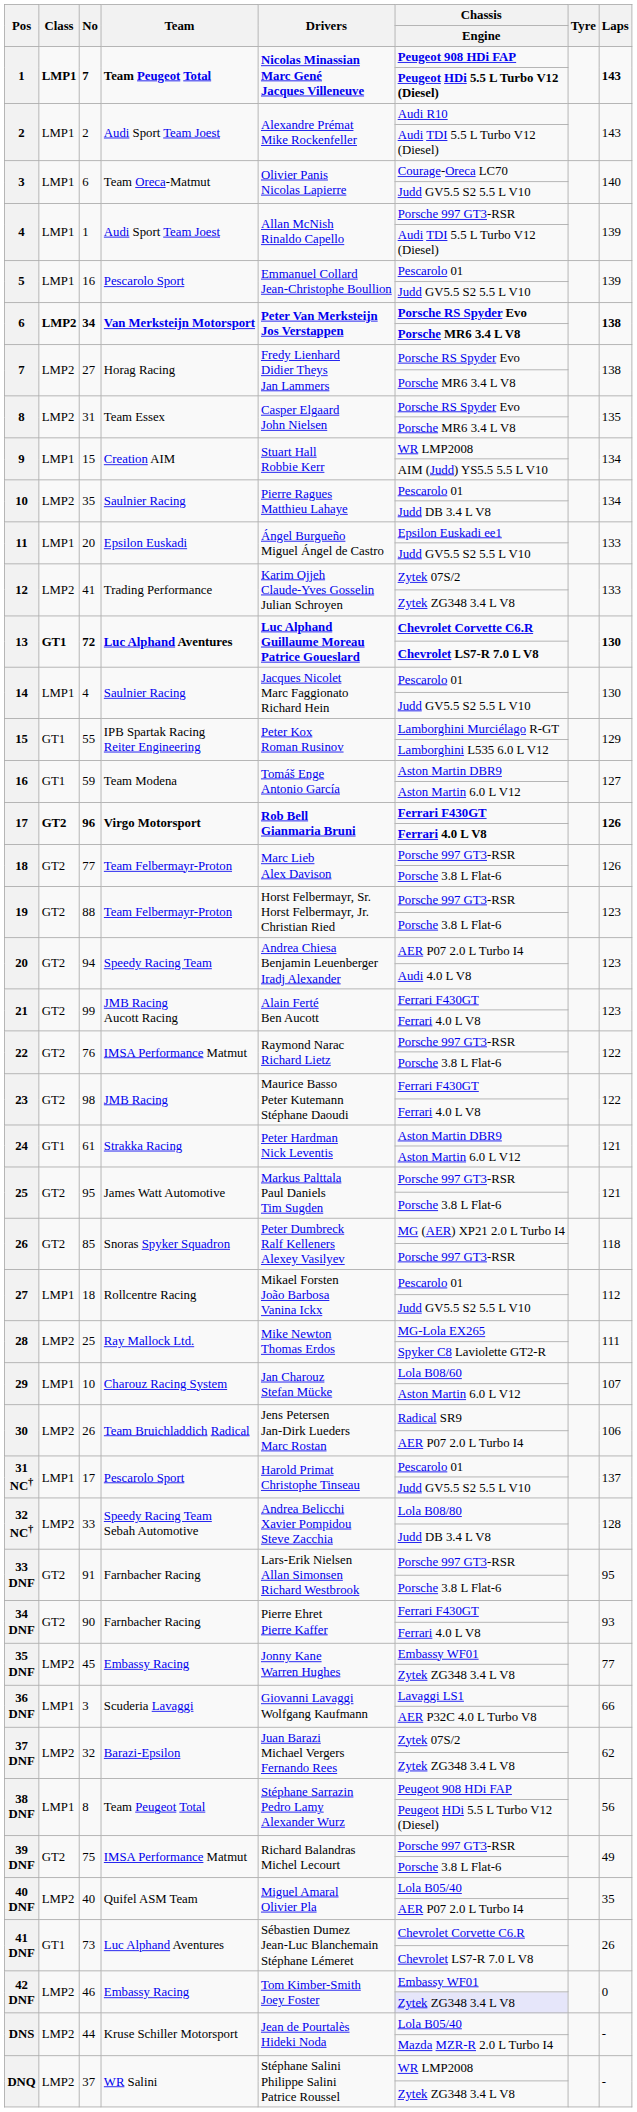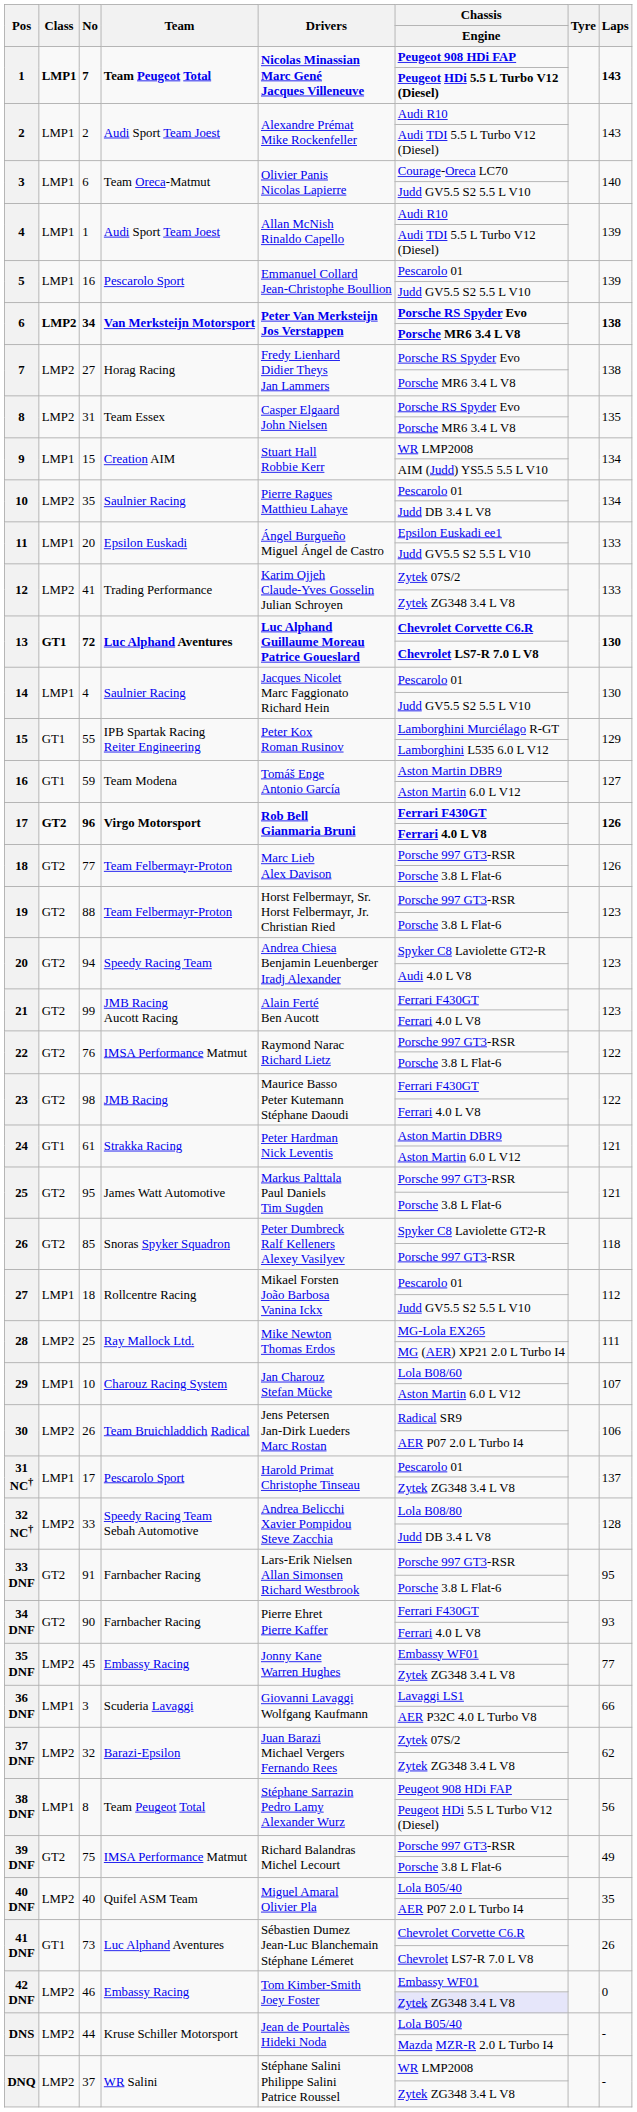 <table class="wikitable" style="font-size: 95%;">
 <tr>
 <th rowspan=2>Pos</th>
 <th rowspan=2>Class</th>
 <th rowspan=2>No</th>
 <th rowspan=2>Team</th>
 <th rowspan=2>Drivers</th>
 <th>Chassis</th>
 <th rowspan=2>Tyre</th>
 <th rowspan=2>Laps</th>
 </tr>
 <tr>
 <th>Engine</th>
 </tr>
 <tr style="font-weight:bold">
 <th rowspan=2>1</th>
 <td rowspan=2>LMP1</td>
 <td rowspan=2>7</td>
 <td rowspan=2> Team <a href='#'>Peugeot</a> <a href='#'>Total</a></td>
 <td rowspan=2> <a href='#'>Nicolas Minassian</a><br> <a href='#'>Marc Gené</a><br> <a href='#'>Jacques Villeneuve</a></td>
 <td><a href='#'>Peugeot 908 HDi FAP</a></td>
 <td rowspan=2></td>
 <td rowspan=2>143</td>
 </tr>
 <tr style="font-weight:bold">
 <td><a href='#'>Peugeot</a> <a href='#'>HDi</a>  5.5 L Turbo V12<br>(Diesel)</td>
 </tr>
 <tr>
 <th rowspan=2>2</th>
 <td rowspan=2>LMP1</td>
 <td rowspan=2>2</td>
 <td rowspan=2> <a href='#'>Audi</a> Sport <a href='#'>Team Joest</a></td>
 <td rowspan=2> <a href='#'>Alexandre Prémat</a><br> <a href='#'>Mike Rockenfeller</a></td>
 <td><a href='#'>Audi R10</a></td>
 <td rowspan=2></td>
 <td rowspan=2>143</td>
 </tr>
 <tr>
 <td><a href='#'>Audi</a> <a href='#'>TDI</a> 5.5 L Turbo V12<br>(Diesel)</td>
 </tr>
 <tr>
 <th rowspan=2>3</th>
 <td rowspan=2>LMP1</td>
 <td rowspan=2>6</td>
 <td rowspan=2> Team <a href='#'>Oreca</a>-Matmut</td>
 <td rowspan=2> <a href='#'>Olivier Panis</a><br> <a href='#'>Nicolas Lapierre</a></td>
 <td><a href='#'>Courage</a>-<a href='#'>Oreca</a> LC70</td>
 <td rowspan=2></td>
 <td rowspan=2>140</td>
 </tr>
 <tr>
 <td><a href='#'>Judd</a> GV5.5 S2 5.5 L V10</td>
 </tr>
 <tr>
 <th rowspan=2>4</th>
 <td rowspan=2>LMP1</td>
 <td rowspan=2>1</td>
 <td rowspan=2> <a href='#'>Audi</a> Sport <a href='#'>Team Joest</a></td>
 <td rowspan=2> <a href='#'>Allan McNish</a><br> <a href='#'>Rinaldo Capello</a></td>
-<td><a href='#'>Porsche 997 GT3</a>-RSR</td>
+<td><a href='#'>Audi R10</a></td>
 <td rowspan=2></td>
 <td rowspan=2>139</td>
 </tr>
 <tr>
 <td><a href='#'>Audi</a> <a href='#'>TDI</a> 5.5 L Turbo V12<br>(Diesel)</td>
 </tr>
 <tr>
 <th rowspan=2>5</th>
 <td rowspan=2>LMP1</td>
 <td rowspan=2>16</td>
 <td rowspan=2> <a href='#'>Pescarolo Sport</a></td>
 <td rowspan=2> <a href='#'>Emmanuel Collard</a><br> <a href='#'>Jean-Christophe Boullion</a></td>
 <td><a href='#'>Pescarolo</a> 01</td>
 <td rowspan=2></td>
 <td rowspan=2>139</td>
 </tr>
 <tr>
 <td><a href='#'>Judd</a> GV5.5 S2 5.5 L V10</td>
 </tr>
 <tr style="font-weight:bold">
 <th rowspan=2>6</th>
 <td rowspan=2>LMP2</td>
 <td rowspan=2>34</td>
 <td rowspan=2> <a href='#'>Van Merksteijn Motorsport</a></td>
 <td rowspan=2> <a href='#'>Peter Van Merksteijn</a><br> <a href='#'>Jos Verstappen</a></td>
 <td><a href='#'>Porsche RS Spyder</a> Evo</td>
 <td rowspan=2></td>
 <td rowspan=2>138</td>
 </tr>
 <tr style="font-weight:bold">
 <td><a href='#'>Porsche</a> MR6 3.4 L V8</td>
 </tr>
 <tr>
 <th rowspan=2>7</th>
 <td rowspan=2>LMP2</td>
 <td rowspan=2>27</td>
 <td rowspan=2> Horag Racing</td>
 <td rowspan=2> <a href='#'>Fredy Lienhard</a><br> <a href='#'>Didier Theys</a><br> <a href='#'>Jan Lammers</a></td>
 <td><a href='#'>Porsche RS Spyder</a> Evo</td>
 <td rowspan=2></td>
 <td rowspan=2>138</td>
 </tr>
 <tr>
 <td><a href='#'>Porsche</a> MR6 3.4 L V8</td>
 </tr>
 <tr>
 <th rowspan=2>8</th>
 <td rowspan=2>LMP2</td>
 <td rowspan=2>31</td>
 <td rowspan=2> Team Essex</td>
 <td rowspan=2> <a href='#'>Casper Elgaard</a><br> <a href='#'>John Nielsen</a></td>
 <td><a href='#'>Porsche RS Spyder</a> Evo</td>
 <td rowspan=2></td>
 <td rowspan=2>135</td>
 </tr>
 <tr>
 <td><a href='#'>Porsche</a> MR6 3.4 L V8</td>
 </tr>
 <tr>
 <th rowspan=2>9</th>
 <td rowspan=2>LMP1</td>
 <td rowspan=2>15</td>
 <td rowspan=2> <a href='#'>Creation</a> AIM</td>
 <td rowspan=2> <a href='#'>Stuart Hall</a><br> <a href='#'>Robbie Kerr</a></td>
 <td><a href='#'>WR</a> LMP2008</td>
 <td rowspan=2></td>
 <td rowspan=2>134</td>
 </tr>
 <tr>
 <td>AIM (<a href='#'>Judd</a>) YS5.5 5.5 L V10</td>
 </tr>
 <tr>
 <th rowspan=2>10</th>
 <td rowspan=2>LMP2</td>
 <td rowspan=2>35</td>
 <td rowspan=2> <a href='#'>Saulnier Racing</a></td>
 <td rowspan=2> <a href='#'>Pierre Ragues</a><br> <a href='#'>Matthieu Lahaye</a></td>
 <td><a href='#'>Pescarolo</a> 01</td>
 <td rowspan=2></td>
 <td rowspan=2>134</td>
 </tr>
 <tr>
 <td><a href='#'>Judd</a> DB 3.4 L V8</td>
 </tr>
 <tr>
 <th rowspan=2>11</th>
 <td rowspan=2>LMP1</td>
 <td rowspan=2>20</td>
 <td rowspan=2> <a href='#'>Epsilon Euskadi</a></td>
 <td rowspan=2> <a href='#'>Ángel Burgueño</a><br> Miguel Ángel de Castro</td>
 <td><a href='#'>Epsilon Euskadi ee1</a></td>
 <td rowspan=2></td>
 <td rowspan=2>133</td>
 </tr>
 <tr>
 <td><a href='#'>Judd</a> GV5.5 S2 5.5 L V10</td>
 </tr>
 <tr>
 <th rowspan=2>12</th>
 <td rowspan=2>LMP2</td>
 <td rowspan=2>41</td>
 <td rowspan=2> Trading Performance</td>
 <td rowspan=2> <a href='#'>Karim Ojjeh</a><br> <a href='#'>Claude-Yves Gosselin</a><br> Julian Schroyen</td>
 <td><a href='#'>Zytek</a> 07S/2</td>
 <td rowspan=2></td>
 <td rowspan=2>133</td>
 </tr>
 <tr>
 <td><a href='#'>Zytek</a> ZG348 3.4 L V8</td>
 </tr>
 <tr style="font-weight:bold">
 <th rowspan=2>13</th>
 <td rowspan=2>GT1</td>
 <td rowspan=2>72</td>
 <td rowspan=2> <a href='#'>Luc Alphand</a> Aventures</td>
 <td rowspan=2> <a href='#'>Luc Alphand</a><br> <a href='#'>Guillaume Moreau</a><br> <a href='#'>Patrice Goueslard</a></td>
 <td><a href='#'>Chevrolet Corvette C6.R</a></td>
 <td rowspan=2></td>
 <td rowspan=2>130</td>
 </tr>
 <tr style="font-weight:bold">
 <td><a href='#'>Chevrolet</a> LS7-R 7.0 L V8</td>
 </tr>
 <tr>
 <th rowspan=2>14</th>
 <td rowspan=2>LMP1</td>
 <td rowspan=2>4</td>
 <td rowspan=2> <a href='#'>Saulnier Racing</a></td>
 <td rowspan=2> <a href='#'>Jacques Nicolet</a><br> Marc Faggionato<br> Richard Hein</td>
 <td><a href='#'>Pescarolo</a> 01</td>
 <td rowspan=2></td>
 <td rowspan=2>130</td>
 </tr>
 <tr>
 <td><a href='#'>Judd</a> GV5.5 S2 5.5 L V10</td>
 </tr>
 <tr>
 <th rowspan=2>15</th>
 <td rowspan=2>GT1</td>
 <td rowspan=2>55</td>
 <td rowspan=2> IPB Spartak Racing<br> <a href='#'>Reiter Engineering</a></td>
 <td rowspan=2> <a href='#'>Peter Kox</a><br> <a href='#'>Roman Rusinov</a></td>
 <td><a href='#'>Lamborghini Murciélago</a> R-GT</td>
 <td rowspan=2></td>
 <td rowspan=2>129</td>
 </tr>
 <tr>
 <td><a href='#'>Lamborghini</a> L535 6.0 L V12</td>
 </tr>
 <tr>
 <th rowspan=2>16</th>
 <td rowspan=2>GT1</td>
 <td rowspan=2>59</td>
 <td rowspan=2> Team Modena</td>
 <td rowspan=2> <a href='#'>Tomáš Enge</a><br> <a href='#'>Antonio García</a></td>
 <td><a href='#'>Aston Martin DBR9</a></td>
 <td rowspan=2></td>
 <td rowspan=2>127</td>
 </tr>
 <tr>
 <td><a href='#'>Aston Martin</a> 6.0 L V12</td>
 </tr>
 <tr style="font-weight:bold">
 <th rowspan=2>17</th>
 <td rowspan=2>GT2</td>
 <td rowspan=2>96</td>
 <td rowspan=2> Virgo Motorsport</td>
 <td rowspan=2> <a href='#'>Rob Bell</a><br> <a href='#'>Gianmaria Bruni</a></td>
 <td><a href='#'>Ferrari F430GT</a></td>
 <td rowspan=2></td>
 <td rowspan=2>126</td>
 </tr>
 <tr style="font-weight:bold">
 <td><a href='#'>Ferrari</a> 4.0 L V8</td>
 </tr>
 <tr>
 <th rowspan=2>18</th>
 <td rowspan=2>GT2</td>
 <td rowspan=2>77</td>
 <td rowspan=2> <a href='#'>Team Felbermayr-Proton</a></td>
 <td rowspan=2> <a href='#'>Marc Lieb</a><br> <a href='#'>Alex Davison</a></td>
 <td><a href='#'>Porsche 997 GT3</a>-RSR</td>
 <td rowspan=2></td>
 <td rowspan=2>126</td>
 </tr>
 <tr>
 <td><a href='#'>Porsche</a> 3.8 L Flat-6</td>
 </tr>
 <tr>
 <th rowspan=2>19</th>
 <td rowspan=2>GT2</td>
 <td rowspan=2>88</td>
 <td rowspan=2> <a href='#'>Team Felbermayr-Proton</a></td>
 <td rowspan=2> Horst Felbermayr, Sr.<br> Horst Felbermayr, Jr.<br> Christian Ried</td>
 <td><a href='#'>Porsche 997 GT3</a>-RSR</td>
 <td rowspan=2></td>
 <td rowspan=2>123</td>
 </tr>
 <tr>
 <td><a href='#'>Porsche</a> 3.8 L Flat-6</td>
 </tr>
 <tr>
 <th rowspan=2>20</th>
 <td rowspan=2>GT2</td>
 <td rowspan=2>94</td>
 <td rowspan=2> <a href='#'>Speedy Racing Team</a></td>
 <td rowspan=2> <a href='#'>Andrea Chiesa</a><br> Benjamin Leuenberger<br> <a href='#'>Iradj Alexander</a></td>
-<td><a href='#'>AER</a> P07 2.0 L Turbo I4</td>
+<td><a href='#'>Spyker C8</a> Laviolette GT2-R</td>
 <td rowspan=2></td>
 <td rowspan=2>123</td>
 </tr>
 <tr>
 <td><a href='#'>Audi</a> 4.0 L V8</td>
 </tr>
 <tr>
 <th rowspan=2>21</th>
 <td rowspan=2>GT2</td>
 <td rowspan=2>99</td>
 <td rowspan=2> <a href='#'>JMB Racing</a><br> Aucott Racing</td>
 <td rowspan=2> <a href='#'>Alain Ferté</a><br> Ben Aucott</td>
 <td><a href='#'>Ferrari F430GT</a></td>
 <td rowspan=2></td>
 <td rowspan=2>123</td>
 </tr>
 <tr>
 <td><a href='#'>Ferrari</a> 4.0 L V8</td>
 </tr>
 <tr>
 <th rowspan=2>22</th>
 <td rowspan=2>GT2</td>
 <td rowspan=2>76</td>
 <td rowspan=2> <a href='#'>IMSA Performance</a> Matmut</td>
 <td rowspan=2> Raymond Narac<br> <a href='#'>Richard Lietz</a></td>
 <td><a href='#'>Porsche 997 GT3</a>-RSR</td>
 <td rowspan=2></td>
 <td rowspan=2>122</td>
 </tr>
 <tr>
 <td><a href='#'>Porsche</a> 3.8 L Flat-6</td>
 </tr>
 <tr>
 <th rowspan=2>23</th>
 <td rowspan=2>GT2</td>
 <td rowspan=2>98</td>
 <td rowspan=2> <a href='#'>JMB Racing</a></td>
 <td rowspan=2> Maurice Basso<br> Peter Kutemann<br> Stéphane Daoudi</td>
 <td><a href='#'>Ferrari F430GT</a></td>
 <td rowspan=2></td>
 <td rowspan=2>122</td>
 </tr>
 <tr>
 <td><a href='#'>Ferrari</a> 4.0 L V8</td>
 </tr>
 <tr>
 <th rowspan=2>24</th>
 <td rowspan=2>GT1</td>
 <td rowspan=2>61</td>
 <td rowspan=2> <a href='#'>Strakka Racing</a></td>
 <td rowspan=2> <a href='#'>Peter Hardman</a><br> <a href='#'>Nick Leventis</a></td>
 <td><a href='#'>Aston Martin DBR9</a></td>
 <td rowspan=2></td>
 <td rowspan=2>121</td>
 </tr>
 <tr>
 <td><a href='#'>Aston Martin</a> 6.0 L V12</td>
 </tr>
 <tr>
 <th rowspan=2>25</th>
 <td rowspan=2>GT2</td>
 <td rowspan=2>95</td>
 <td rowspan=2> James Watt Automotive</td>
 <td rowspan=2> <a href='#'>Markus Palttala</a><br> Paul Daniels<br> <a href='#'>Tim Sugden</a></td>
 <td><a href='#'>Porsche 997 GT3</a>-RSR</td>
 <td rowspan=2></td>
 <td rowspan=2>121</td>
 </tr>
 <tr>
 <td><a href='#'>Porsche</a> 3.8 L Flat-6</td>
 </tr>
 <tr>
 <th rowspan=2>26</th>
 <td rowspan=2>GT2</td>
 <td rowspan=2>85</td>
 <td rowspan=2> Snoras <a href='#'>Spyker Squadron</a></td>
 <td rowspan=2> <a href='#'>Peter Dumbreck</a><br> <a href='#'>Ralf Kelleners</a><br> <a href='#'>Alexey Vasilyev</a></td>
-<td><a href='#'>MG</a> (<a href='#'>AER</a>) XP21 2.0 L Turbo I4</td>
+<td><a href='#'>Spyker C8</a> Laviolette GT2-R</td>
 <td rowspan=2></td>
 <td rowspan=2>118</td>
 </tr>
 <tr>
 <td><a href='#'>Porsche 997 GT3</a>-RSR</td>
 </tr>
 <tr>
 <th rowspan=2>27</th>
 <td rowspan=2>LMP1</td>
 <td rowspan=2>18</td>
 <td rowspan=2> Rollcentre Racing</td>
 <td rowspan=2> Mikael Forsten<br> <a href='#'>João Barbosa</a><br> <a href='#'>Vanina Ickx</a></td>
 <td><a href='#'>Pescarolo</a> 01</td>
 <td rowspan=2></td>
 <td rowspan=2>112</td>
 </tr>
 <tr>
 <td><a href='#'>Judd</a> GV5.5 S2 5.5 L V10</td>
 </tr>
 <tr>
 <th rowspan=2>28</th>
 <td rowspan=2>LMP2</td>
 <td rowspan=2>25</td>
 <td rowspan=2> <a href='#'>Ray Mallock Ltd.</a></td>
 <td rowspan=2> <a href='#'>Mike Newton</a><br> <a href='#'>Thomas Erdos</a></td>
 <td><a href='#'>MG-Lola EX265</a></td>
 <td rowspan=2></td>
 <td rowspan=2>111</td>
 </tr>
 <tr>
-<td><a href='#'>Spyker C8</a> Laviolette GT2-R</td>
+<td><a href='#'>MG</a> (<a href='#'>AER</a>) XP21 2.0 L Turbo I4</td>
 </tr>
 <tr>
 <th rowspan=2>29</th>
 <td rowspan=2>LMP1</td>
 <td rowspan=2>10</td>
 <td rowspan=2> <a href='#'>Charouz Racing System</a></td>
 <td rowspan=2> <a href='#'>Jan Charouz</a><br> <a href='#'>Stefan Mücke</a></td>
 <td><a href='#'>Lola B08/60</a></td>
 <td rowspan=2></td>
 <td rowspan=2>107</td>
 </tr>
 <tr>
 <td><a href='#'>Aston Martin</a> 6.0 L V12</td>
 </tr>
 <tr>
 <th rowspan=2>30</th>
 <td rowspan=2>LMP2</td>
 <td rowspan=2>26</td>
 <td rowspan=2> <a href='#'>Team Bruichladdich</a> <a href='#'>Radical</a></td>
 <td rowspan=2> Jens Petersen<br> Jan-Dirk Lueders<br> <a href='#'>Marc Rostan</a></td>
 <td><a href='#'>Radical</a> SR9</td>
 <td rowspan=2></td>
 <td rowspan=2>106</td>
 </tr>
 <tr>
 <td><a href='#'>AER</a> P07 2.0 L Turbo I4</td>
 </tr>
 <tr>
 <th rowspan=2>31<br>NC<sup>†</sup></th>
 <td rowspan=2>LMP1</td>
 <td rowspan=2>17</td>
 <td rowspan=2> <a href='#'>Pescarolo Sport</a></td>
 <td rowspan=2> <a href='#'>Harold Primat</a><br> <a href='#'>Christophe Tinseau</a></td>
 <td><a href='#'>Pescarolo</a> 01</td>
 <td rowspan=2></td>
 <td rowspan=2>137</td>
 </tr>
 <tr>
-<td><a href='#'>Judd</a> GV5.5 S2 5.5 L V10</td>
+<td><a href='#'>Zytek</a> ZG348 3.4 L V8</td>
 </tr>
 <tr>
 <th rowspan=2>32<br>NC<sup>†</sup></th>
 <td rowspan=2>LMP2</td>
 <td rowspan=2>33</td>
 <td rowspan=2> <a href='#'>Speedy Racing Team</a><br> Sebah Automotive</td>
 <td rowspan=2> <a href='#'>Andrea Belicchi</a><br> <a href='#'>Xavier Pompidou</a><br> <a href='#'>Steve Zacchia</a></td>
 <td><a href='#'>Lola B08/80</a></td>
 <td rowspan=2></td>
 <td rowspan=2>128</td>
 </tr>
 <tr>
 <td><a href='#'>Judd</a> DB 3.4 L V8</td>
 </tr>
 <tr>
 <th rowspan=2>33<br>DNF</th>
 <td rowspan=2>GT2</td>
 <td rowspan=2>91</td>
 <td rowspan=2> Farnbacher Racing</td>
 <td rowspan=2> Lars-Erik Nielsen<br> <a href='#'>Allan Simonsen</a><br> <a href='#'>Richard Westbrook</a></td>
 <td><a href='#'>Porsche 997 GT3</a>-RSR</td>
 <td rowspan=2></td>
 <td rowspan=2>95</td>
 </tr>
 <tr>
 <td><a href='#'>Porsche</a> 3.8 L Flat-6</td>
 </tr>
 <tr>
 <th rowspan=2>34<br>DNF</th>
 <td rowspan=2>GT2</td>
 <td rowspan=2>90</td>
 <td rowspan=2> Farnbacher Racing</td>
 <td rowspan=2> Pierre Ehret<br> <a href='#'>Pierre Kaffer</a></td>
 <td><a href='#'>Ferrari F430GT</a></td>
 <td rowspan=2></td>
 <td rowspan=2>93</td>
 </tr>
 <tr>
 <td><a href='#'>Ferrari</a> 4.0 L V8</td>
 </tr>
 <tr>
 <th rowspan=2>35<br>DNF</th>
 <td rowspan=2>LMP2</td>
 <td rowspan=2>45</td>
 <td rowspan=2> <a href='#'>Embassy Racing</a></td>
 <td rowspan=2> <a href='#'>Jonny Kane</a><br> <a href='#'>Warren Hughes</a></td>
 <td><a href='#'>Embassy WF01</a></td>
 <td rowspan=2></td>
 <td rowspan=2>77</td>
 </tr>
 <tr>
 <td><a href='#'>Zytek</a> ZG348 3.4 L V8</td>
 </tr>
 <tr>
 <th rowspan=2>36<br>DNF</th>
 <td rowspan=2>LMP1</td>
 <td rowspan=2>3</td>
 <td rowspan=2> Scuderia <a href='#'>Lavaggi</a></td>
 <td rowspan=2> <a href='#'>Giovanni Lavaggi</a><br> Wolfgang Kaufmann</td>
 <td><a href='#'>Lavaggi LS1</a></td>
 <td rowspan=2></td>
 <td rowspan=2>66</td>
 </tr>
 <tr>
 <td><a href='#'>AER</a> P32C 4.0 L Turbo V8</td>
 </tr>
 <tr>
 <th rowspan=2>37<br>DNF</th>
 <td rowspan=2>LMP2</td>
 <td rowspan=2>32</td>
 <td rowspan=2> <a href='#'>Barazi-Epsilon</a></td>
 <td rowspan=2> <a href='#'>Juan Barazi</a><br> Michael Vergers<br> <a href='#'>Fernando Rees</a></td>
 <td><a href='#'>Zytek</a> 07S/2</td>
 <td rowspan=2></td>
 <td rowspan=2>62</td>
 </tr>
 <tr>
 <td><a href='#'>Zytek</a> ZG348 3.4 L V8</td>
 </tr>
 <tr>
 <th rowspan=2>38<br>DNF</th>
 <td rowspan=2>LMP1</td>
 <td rowspan=2>8</td>
 <td rowspan=2> Team <a href='#'>Peugeot</a> <a href='#'>Total</a></td>
 <td rowspan=2> <a href='#'>Stéphane Sarrazin</a><br> <a href='#'>Pedro Lamy</a><br> <a href='#'>Alexander Wurz</a></td>
 <td><a href='#'>Peugeot 908 HDi FAP</a></td>
 <td rowspan=2></td>
 <td rowspan=2>56</td>
 </tr>
 <tr>
 <td><a href='#'>Peugeot</a> <a href='#'>HDi</a> 5.5 L Turbo V12<br>(Diesel)</td>
 </tr>
 <tr>
 <th rowspan=2>39<br>DNF</th>
 <td rowspan=2>GT2</td>
 <td rowspan=2>75</td>
 <td rowspan=2> <a href='#'>IMSA Performance</a> Matmut</td>
 <td rowspan=2> Richard Balandras<br> Michel Lecourt</td>
 <td><a href='#'>Porsche 997 GT3</a>-RSR</td>
 <td rowspan=2></td>
 <td rowspan=2>49</td>
 </tr>
 <tr>
 <td><a href='#'>Porsche</a> 3.8 L Flat-6</td>
 </tr>
 <tr>
 <th rowspan=2>40<br>DNF</th>
 <td rowspan=2>LMP2</td>
 <td rowspan=2>40</td>
 <td rowspan=2> Quifel ASM Team</td>
 <td rowspan=2> <a href='#'>Miguel Amaral</a><br> <a href='#'>Olivier Pla</a></td>
 <td><a href='#'>Lola B05/40</a></td>
 <td rowspan=2></td>
 <td rowspan=2>35</td>
 </tr>
 <tr>
 <td><a href='#'>AER</a> P07 2.0 L Turbo I4</td>
 </tr>
 <tr>
 <th rowspan=2>41<br>DNF</th>
 <td rowspan=2>GT1</td>
 <td rowspan=2>73</td>
 <td rowspan=2> <a href='#'>Luc Alphand</a> Aventures</td>
 <td rowspan=2> Sébastien Dumez<br> Jean-Luc Blanchemain<br> Stéphane Lémeret</td>
 <td><a href='#'>Chevrolet Corvette C6.R</a></td>
 <td rowspan=2></td>
 <td rowspan=2>26</td>
 </tr>
 <tr>
 <td><a href='#'>Chevrolet</a> LS7-R 7.0 L V8</td>
 </tr>
 <tr>
 <th rowspan=2>42<br>DNF</th>
 <td rowspan=2>LMP2</td>
 <td rowspan=2>46</td>
 <td rowspan=2> <a href='#'>Embassy Racing</a></td>
 <td rowspan=2> <a href='#'>Tom Kimber-Smith</a><br> <a href='#'>Joey Foster</a></td>
 <td><a href='#'>Embassy WF01</a></td>
 <td rowspan=2></td>
 <td rowspan=2>0</td>
 </tr>
 <tr>
 <td style="background: lavender;"><a href='#'>Zytek</a> ZG348 3.4 L V8</td>
 </tr>
 <tr>
 <th rowspan=2>DNS</th>
 <td rowspan=2>LMP2</td>
 <td rowspan=2>44</td>
 <td rowspan=2> Kruse Schiller Motorsport</td>
 <td rowspan=2> <a href='#'>Jean de Pourtalès</a><br> <a href='#'>Hideki Noda</a></td>
 <td><a href='#'>Lola B05/40</a></td>
 <td rowspan=2></td>
 <td rowspan=2>-</td>
 </tr>
 <tr>
 <td><a href='#'>Mazda</a> <a href='#'>MZR-R</a> 2.0 L Turbo I4</td>
 </tr>
 <tr>
 <th rowspan=2>DNQ</th>
 <td rowspan=2>LMP2</td>
 <td rowspan=2>37</td>
 <td rowspan=2> <a href='#'>WR</a> Salini</td>
 <td rowspan=2> Stéphane Salini<br> Philippe Salini<br> Patrice Roussel</td>
 <td><a href='#'>WR</a> LMP2008</td>
 <td rowspan=2></td>
 <td rowspan=2>-</td>
 </tr>
 <tr>
 <td><a href='#'>Zytek</a> ZG348 3.4 L V8</td>
 </tr>
 </table>
